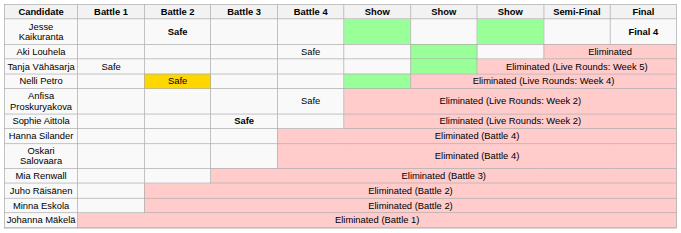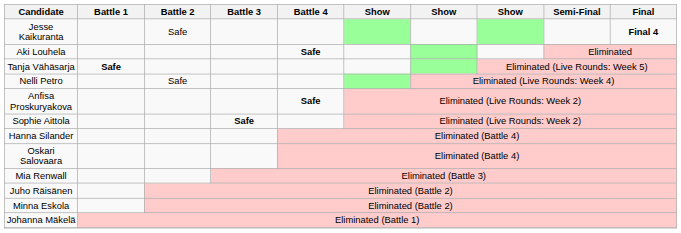 <table class="wikitable" style="text-align:center; font-size:85%">
 <tr>
 <th width="100px">Candidate</th>
 <th width="90px">Battle 1</th>
 <th width="90px">Battle 2</th>
 <th width="90px">Battle 3</th>
 <th width="90px">Battle 4</th>
 <th width="90px">Show</th>
 <th width="90px">Show</th>
 <th width="90px">Show</th>
 <th width="90px">Semi-Final</th>
 <th width="90px">Final</th>
 </tr>
 <tr>
 <td>Jesse Kaikuranta</td>
 <td></td>
-<td><strong>Safe</strong></td>
+<td>Safe</td>
 <td></td>
 <td></td>
 <td style="background:#99ff99"> </td>
 <td></td>
 <td style="background:#99ff99"> </td>
 <td></td>
 <td><strong>Final 4</strong></td>
 </tr>
 <tr>
 <td>Aki Louhela</td>
 <td></td>
 <td></td>
 <td></td>
-<td>Safe</td>
+<td><strong>Safe</strong></td>
 <td></td>
 <td style="background:#99ff99"> </td>
 <td></td>
 <td style="background:#ffcbcb" colspan=2>Eliminated</td>
 </tr>
 <tr>
 <td>Tanja Vähäsarja</td>
-<td>Safe</td>
+<td><strong>Safe</strong></td>
 <td></td>
 <td></td>
 <td></td>
 <td></td>
 <td style="background:#99ff99"> </td>
 <td style="background:#ffcbcb" colspan=3>Eliminated (Live Rounds: Week 5)</td>
 </tr>
 <tr>
 <td>Nelli Petro</td>
 <td></td>
-<td style="background: gold;">Safe</td>
+<td>Safe</td>
 <td></td>
 <td></td>
 <td style="background:#99ff99"> </td>
 <td style="background:#ffcbcb" colspan=4>Eliminated (Live Rounds: Week 4)</td>
 </tr>
 <tr>
 <td>Anfisa Proskuryakova</td>
 <td></td>
 <td></td>
 <td></td>
-<td>Safe</td>
+<td><strong>Safe</strong></td>
 <td style="background:#ffcbcb" colspan=5>Eliminated (Live Rounds: Week 2)</td>
 </tr>
 <tr>
 <td>Sophie Aittola</td>
 <td></td>
 <td></td>
 <td><strong>Safe</strong></td>
 <td></td>
 <td style="background:#ffcbcb" colspan=5>Eliminated (Live Rounds: Week 2)</td>
 </tr>
 <tr>
 <td>Hanna Silander</td>
 <td></td>
 <td></td>
 <td></td>
 <td style="background:#ffcbcb" colspan=7>Eliminated (Battle 4)</td>
 </tr>
 <tr>
 <td>Oskari Salovaara</td>
 <td></td>
 <td></td>
 <td></td>
 <td style="background:#ffcbcb" colspan=7>Eliminated (Battle 4)</td>
 </tr>
 <tr>
 <td>Mia Renwall</td>
 <td></td>
 <td></td>
 <td style="background:#ffcbcb" colspan=8>Eliminated (Battle 3)</td>
 </tr>
 <tr>
 <td>Juho Räisänen</td>
 <td></td>
 <td style="background:#ffcbcb" colspan=9>Eliminated (Battle 2)</td>
 </tr>
 <tr>
 <td>Minna Eskola</td>
 <td></td>
 <td style="background:#ffcbcb" colspan=9>Eliminated (Battle 2)</td>
 </tr>
 <tr>
 <td>Johanna Mäkelä</td>
 <td style="background:#ffcbcb" colspan=10>Eliminated (Battle 1)</td>
 </tr>
 <tr>
 </tr>
 </table>
